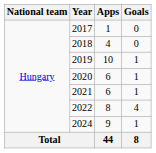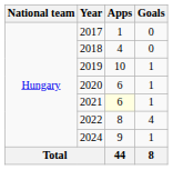 <table class="wikitable" style="text-align:center">
 <tr>
 <th>National team</th>
 <th>Year</th>
 <th>Apps</th>
 <th>Goals</th>
 </tr>
 <tr>
 <td rowspan="7"><a href='#'>Hungary</a></td>
 <td>2017</td>
 <td>1</td>
 <td>0</td>
 </tr>
 <tr>
 <td>2018</td>
 <td>4</td>
 <td>0</td>
 </tr>
 <tr>
 <td>2019</td>
 <td>10</td>
 <td>1</td>
 </tr>
 <tr>
 <td>2020</td>
 <td>6</td>
 <td>1</td>
 </tr>
 <tr>
 <td>2021</td>
-<td>6</td>
+<td style="background: lightyellow;">6</td>
 <td>1</td>
 </tr>
 <tr>
 <td>2022</td>
 <td>8</td>
 <td>4</td>
 </tr>
 <tr>
 <td>2024</td>
 <td>9</td>
 <td>1</td>
 </tr>
 <tr>
 <th colspan="2">Total</th>
 <th>44</th>
 <th>8</th>
 </tr>
 </table>
